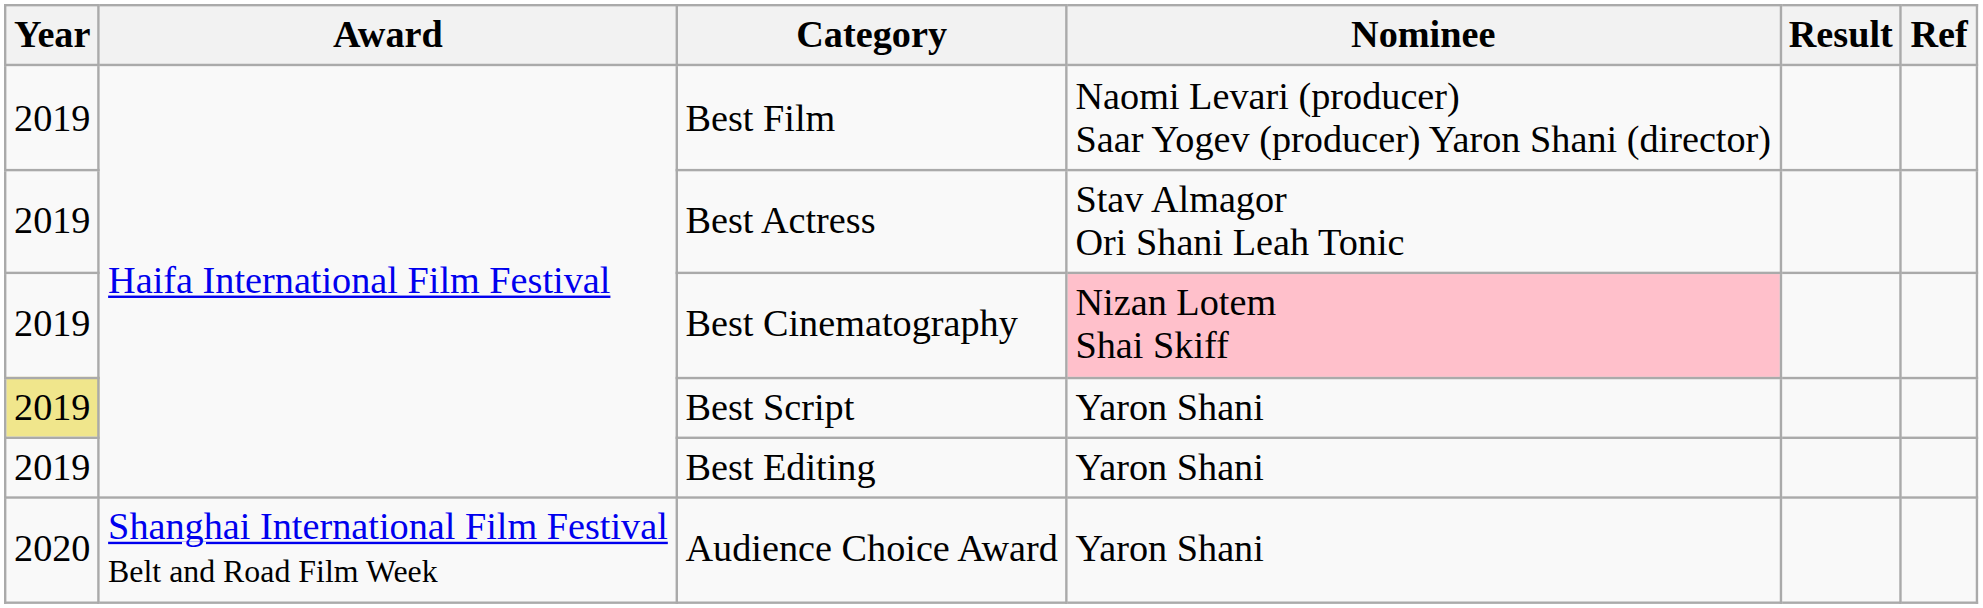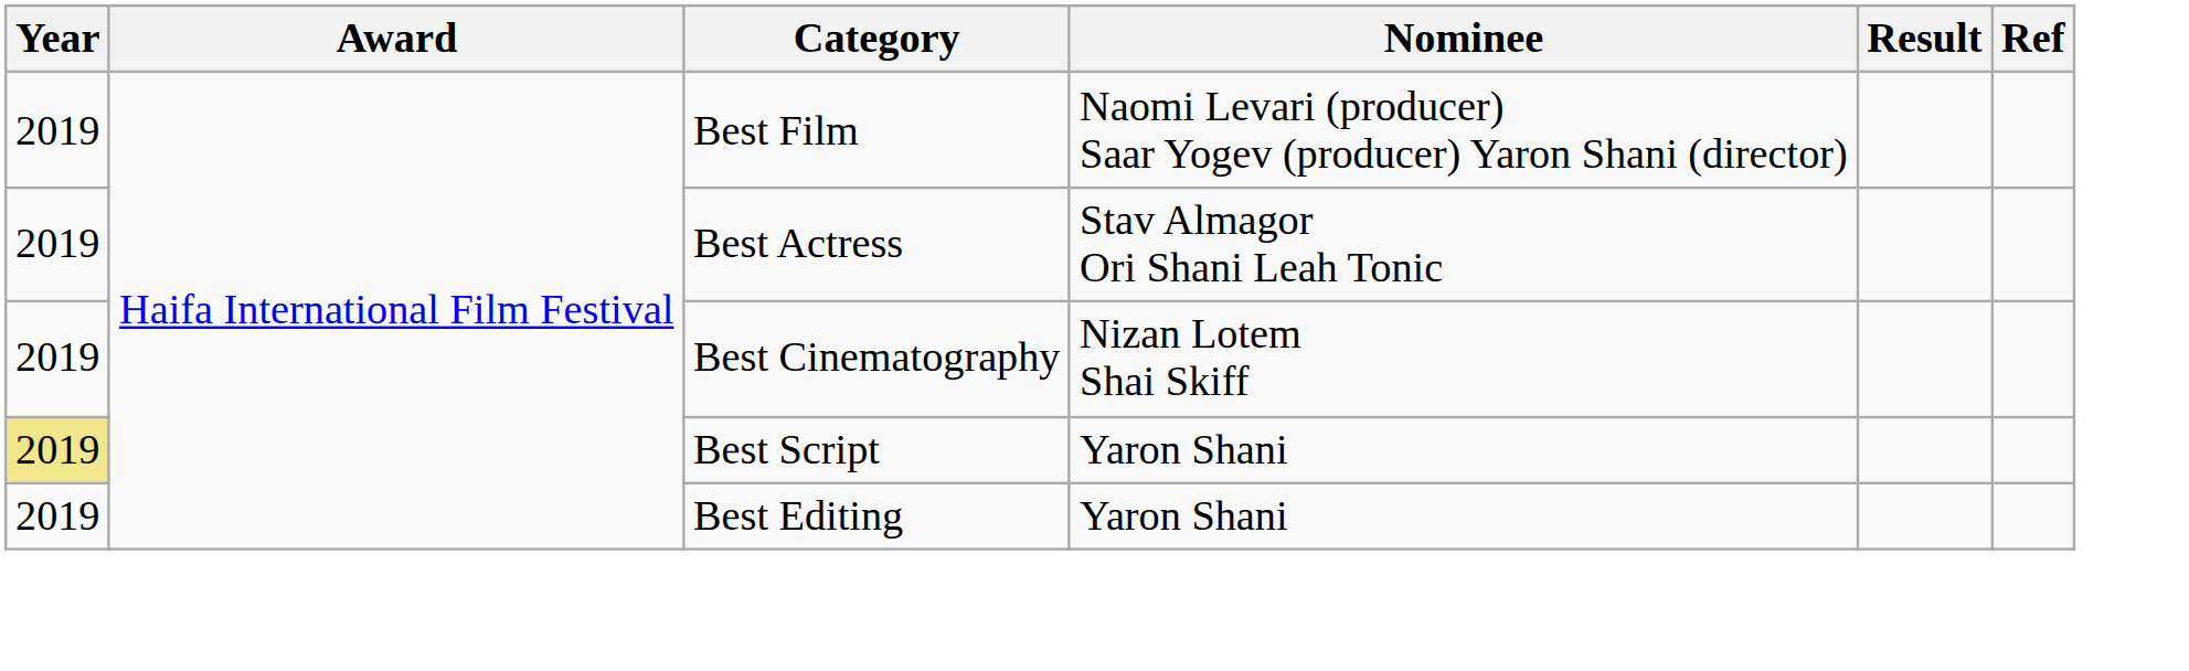 <table class="wikitable sortable">
 <tr>
 <th>Year</th>
 <th>Award</th>
 <th>Category</th>
 <th>Nominee</th>
 <th>Result</th>
 <th>Ref</th>
 </tr>
 <tr>
 <td>2019</td>
 <td rowspan="5"><a href='#'>Haifa International Film Festival</a></td>
 <td>Best Film</td>
 <td>Naomi Levari (producer)<br>Saar Yogev (producer) Yaron Shani (director)</td>
 <td></td>
 <td></td>
 </tr>
 <tr>
 <td>2019</td>
 <td>Best Actress</td>
 <td>Stav Almagor<br>Ori Shani Leah Tonic</td>
 <td></td>
 <td></td>
 </tr>
 <tr>
 <td>2019</td>
 <td>Best Cinematography</td>
-<td style="background: pink;">Nizan Lotem<br>Shai Skiff</td>
+<td>Nizan Lotem<br>Shai Skiff</td>
 <td></td>
 <td></td>
 </tr>
 <tr>
 <td style="background: khaki;">2019</td>
 <td>Best Script</td>
 <td>Yaron Shani</td>
 <td></td>
 <td></td>
 </tr>
 <tr>
 <td>2019</td>
 <td>Best Editing</td>
 <td>Yaron Shani</td>
 <td></td>
 <td></td>
 </tr>
-<tr>
-<td>2020</td>
-<td><a href='#'>Shanghai International Film Festival</a><br><small>Belt and Road Film Week</small></td>
-<td>Audience Choice Award</td>
-<td>Yaron Shani</td>
-<td></td>
-<td></td>
-</tr>
 </table>
